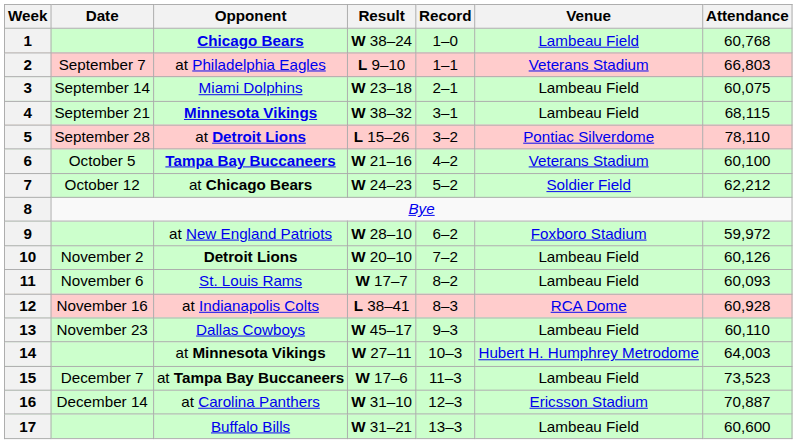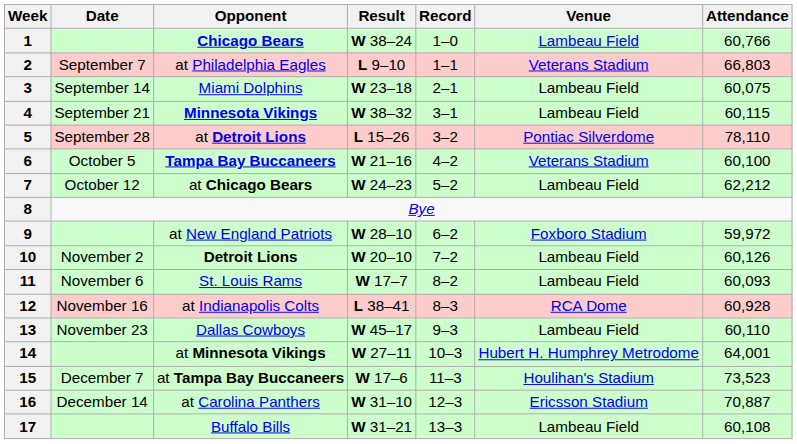 <table class="wikitable" style="text-align:center">
 <tr>
 <th>Week</th>
 <th>Date</th>
 <th>Opponent</th>
 <th>Result</th>
 <th>Record</th>
 <th>Venue</th>
 <th>Attendance</th>
 </tr>
 <tr style="background:#cfc">
 <th>1</th>
 <td></td>
 <td><strong><a href='#'>Chicago Bears</a></strong></td>
 <td><strong>W</strong> 38–24</td>
 <td>1–0</td>
 <td><a href='#'>Lambeau Field</a></td>
-<td>60,768</td>
+<td>60,766</td>
 </tr>
 <tr style="background:#fcc">
 <th>2</th>
 <td>September 7</td>
 <td>at <a href='#'>Philadelphia Eagles</a></td>
 <td><strong>L</strong> 9–10</td>
 <td>1–1</td>
 <td><a href='#'>Veterans Stadium</a></td>
 <td>66,803</td>
 </tr>
 <tr style="background:#cfc">
 <th>3</th>
 <td>September 14</td>
 <td><a href='#'>Miami Dolphins</a></td>
 <td><strong>W</strong> 23–18</td>
 <td>2–1</td>
 <td>Lambeau Field</td>
 <td>60,075</td>
 </tr>
 <tr style="background:#cfc">
 <th>4</th>
 <td>September 21</td>
 <td><strong><a href='#'>Minnesota Vikings</a></strong></td>
 <td><strong>W</strong> 38–32</td>
 <td>3–1</td>
 <td>Lambeau Field</td>
-<td>68,115</td>
+<td>60,115</td>
 </tr>
 <tr style="background:#fcc">
 <th>5</th>
 <td>September 28</td>
 <td>at <strong><a href='#'>Detroit Lions</a></strong></td>
 <td><strong>L</strong> 15–26</td>
 <td>3–2</td>
 <td><a href='#'>Pontiac Silverdome</a></td>
 <td>78,110</td>
 </tr>
 <tr style="background:#cfc">
 <th>6</th>
 <td>October 5</td>
 <td><strong><a href='#'>Tampa Bay Buccaneers</a></strong></td>
 <td><strong>W</strong> 21–16</td>
 <td>4–2</td>
 <td><a href='#'>Veterans Stadium</a></td>
 <td>60,100</td>
 </tr>
 <tr style="background:#cfc">
 <th>7</th>
 <td>October 12</td>
 <td>at <strong>Chicago Bears</strong></td>
 <td><strong>W</strong> 24–23</td>
 <td>5–2</td>
-<td><a href='#'>Soldier Field</a></td>
+<td>Lambeau Field</td>
 <td>62,212</td>
 </tr>
 <tr style="text-align:center;">
 <th>8</th>
 <td colspan="6"><em><a href='#'>Bye</a></em></td>
 </tr>
 <tr style="background:#cfc">
 <th>9</th>
 <td></td>
 <td>at <a href='#'>New England Patriots</a></td>
 <td><strong>W</strong> 28–10</td>
 <td>6–2</td>
 <td><a href='#'>Foxboro Stadium</a></td>
 <td>59,972</td>
 </tr>
 <tr style="background:#cfc">
 <th>10</th>
 <td>November 2</td>
 <td><strong>Detroit Lions</strong></td>
 <td><strong>W</strong> 20–10</td>
 <td>7–2</td>
 <td>Lambeau Field</td>
 <td>60,126</td>
 </tr>
 <tr style="background:#cfc">
 <th>11</th>
 <td>November 6</td>
 <td><a href='#'>St. Louis Rams</a></td>
 <td><strong>W</strong> 17–7</td>
 <td>8–2</td>
 <td>Lambeau Field</td>
 <td>60,093</td>
 </tr>
 <tr style="background:#fcc">
 <th>12</th>
 <td>November 16</td>
 <td>at <a href='#'>Indianapolis Colts</a></td>
 <td><strong>L</strong> 38–41</td>
 <td>8–3</td>
 <td><a href='#'>RCA Dome</a></td>
 <td>60,928</td>
 </tr>
 <tr style="background:#cfc">
 <th>13</th>
 <td>November 23</td>
 <td><a href='#'>Dallas Cowboys</a></td>
 <td><strong>W</strong> 45–17</td>
 <td>9–3</td>
 <td>Lambeau Field</td>
 <td>60,110</td>
 </tr>
 <tr style="background:#cfc">
 <th>14</th>
 <td></td>
 <td>at <strong>Minnesota Vikings</strong></td>
 <td><strong>W</strong> 27–11</td>
 <td>10–3</td>
 <td><a href='#'>Hubert H. Humphrey Metrodome</a></td>
-<td>64,003</td>
+<td>64,001</td>
 </tr>
 <tr style="background:#cfc">
 <th>15</th>
 <td>December 7</td>
 <td>at <strong>Tampa Bay Buccaneers</strong></td>
 <td><strong>W</strong> 17–6</td>
 <td>11–3</td>
-<td>Lambeau Field</td>
+<td><a href='#'>Houlihan's Stadium</a></td>
 <td>73,523</td>
 </tr>
 <tr style="background:#cfc">
 <th>16</th>
 <td>December 14</td>
 <td>at <a href='#'>Carolina Panthers</a></td>
 <td><strong>W</strong> 31–10</td>
 <td>12–3</td>
 <td><a href='#'>Ericsson Stadium</a></td>
 <td>70,887</td>
 </tr>
 <tr style="background:#cfc">
 <th>17</th>
 <td></td>
 <td><a href='#'>Buffalo Bills</a></td>
 <td><strong>W</strong> 31–21</td>
 <td>13–3</td>
 <td>Lambeau Field</td>
-<td>60,600</td>
+<td>60,108</td>
 </tr>
 </table>
